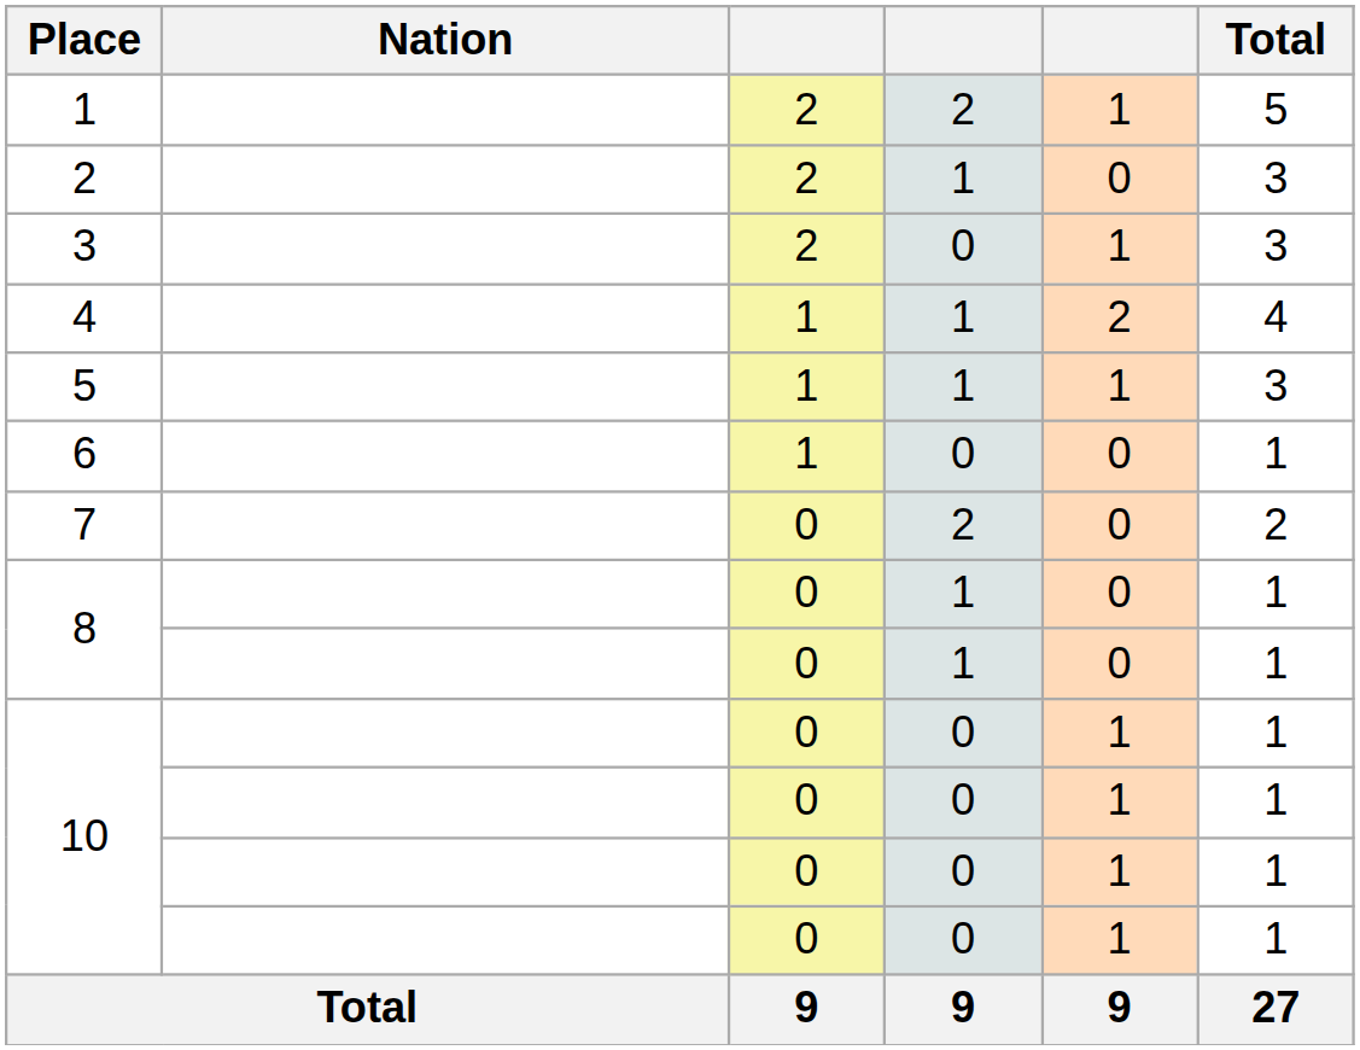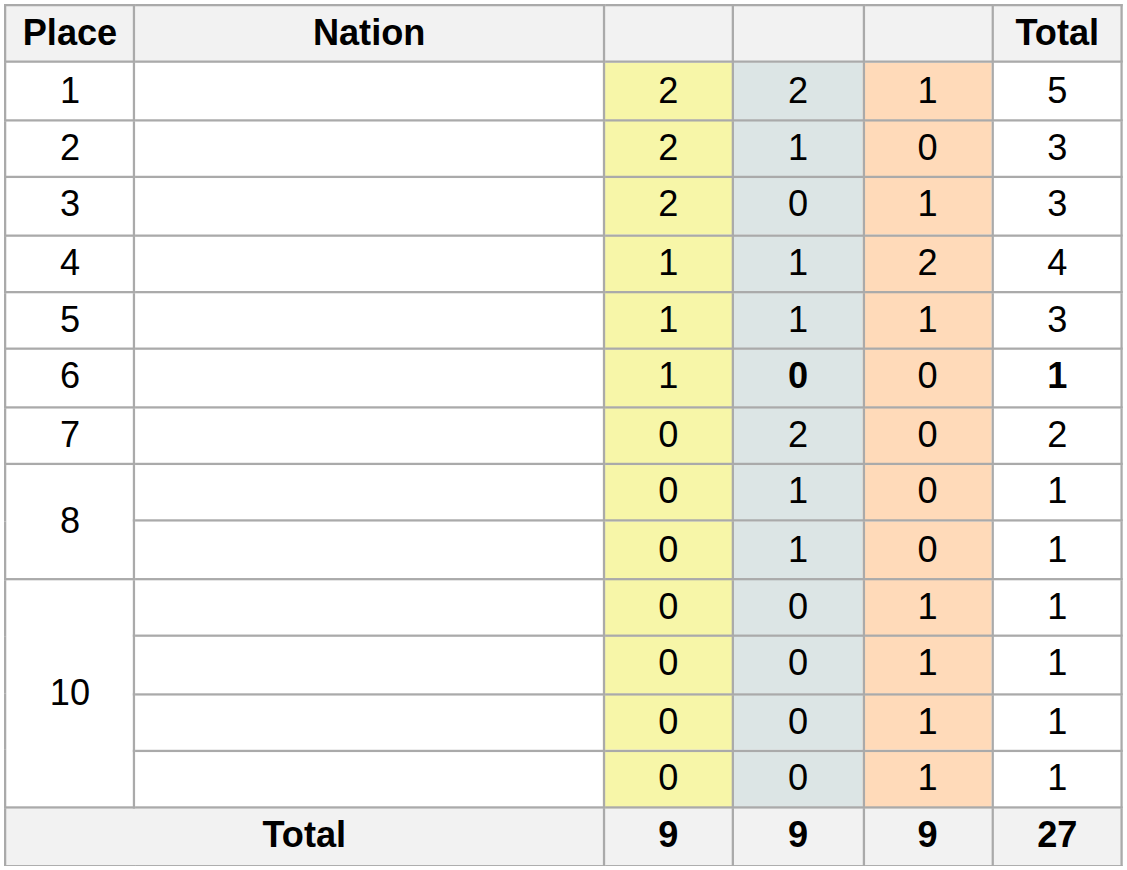 <table class="wikitable" style="border:1px solid #AAAAAA">
 <tr bgcolor="#EFEFEF">
 <th width=50>Place</th>
 <th width=200>Nation</th>
 <th width=50></th>
 <th width=50></th>
 <th width=50></th>
 <th width=50>Total</th>
 </tr>
 <tr align=center bgcolor="#FFFFFF">
 <td>1</td>
 <td align="left"></td>
 <td style="background:#F7F6A8;">2</td>
 <td style="background:#DCE5E5;">2</td>
 <td style="background:#FFDAB9;">1</td>
 <td>5</td>
 </tr>
 <tr align=center bgcolor="#FFFFFF">
 <td>2</td>
 <td align="left"></td>
 <td style="background:#F7F6A8;">2</td>
 <td style="background:#DCE5E5;">1</td>
 <td style="background:#FFDAB9;">0</td>
 <td>3</td>
 </tr>
 <tr align=center bgcolor="#FFFFFF">
 <td>3</td>
 <td align="left"></td>
 <td style="background:#F7F6A8;">2</td>
 <td style="background:#DCE5E5;">0</td>
 <td style="background:#FFDAB9;">1</td>
 <td>3</td>
 </tr>
 <tr align=center bgcolor="#FFFFFF">
 <td>4</td>
 <td align="left"></td>
 <td style="background:#F7F6A8;">1</td>
 <td style="background:#DCE5E5;">1</td>
 <td style="background:#FFDAB9;">2</td>
 <td>4</td>
 </tr>
 <tr align=center bgcolor="#FFFFFF">
 <td>5</td>
 <td align="left"></td>
 <td style="background:#F7F6A8;">1</td>
 <td style="background:#DCE5E5;">1</td>
 <td style="background:#FFDAB9;">1</td>
 <td>3</td>
 </tr>
 <tr align=center bgcolor="#FFFFFF">
 <td>6</td>
 <td align="left"></td>
 <td style="background:#F7F6A8;">1</td>
-<td style="background:#DCE5E5;">0</td>
+<td style="background:#DCE5E5;"><strong>0</strong></td>
 <td style="background:#FFDAB9;">0</td>
-<td>1</td>
+<td><strong>1</strong></td>
 </tr>
 <tr align=center bgcolor="#FFFFFF">
 <td>7</td>
 <td align="left"></td>
 <td style="background:#F7F6A8;">0</td>
 <td style="background:#DCE5E5;">2</td>
 <td style="background:#FFDAB9;">0</td>
 <td>2</td>
 </tr>
 <tr align=center bgcolor="#FFFFFF">
 <td rowspan=2>8</td>
 <td align="left"></td>
 <td style="background:#F7F6A8;">0</td>
 <td style="background:#DCE5E5;">1</td>
 <td style="background:#FFDAB9;">0</td>
 <td>1</td>
 </tr>
 <tr align=center bgcolor="#FFFFFF">
 <td align="left"></td>
 <td style="background:#F7F6A8;">0</td>
 <td style="background:#DCE5E5;">1</td>
 <td style="background:#FFDAB9;">0</td>
 <td>1</td>
 </tr>
 <tr align=center bgcolor="#FFFFFF">
 <td rowspan=4>10</td>
 <td align="left"></td>
 <td style="background:#F7F6A8;">0</td>
 <td style="background:#DCE5E5;">0</td>
 <td style="background:#FFDAB9;">1</td>
 <td>1</td>
 </tr>
 <tr align=center bgcolor="#FFFFFF">
 <td align="left"></td>
 <td style="background:#F7F6A8;">0</td>
 <td style="background:#DCE5E5;">0</td>
 <td style="background:#FFDAB9;">1</td>
 <td>1</td>
 </tr>
 <tr align=center bgcolor="#FFFFFF">
 <td align="left"></td>
 <td style="background:#F7F6A8;">0</td>
 <td style="background:#DCE5E5;">0</td>
 <td style="background:#FFDAB9;">1</td>
 <td>1</td>
 </tr>
 <tr align=center bgcolor="#FFFFFF">
 <td align="left"></td>
 <td style="background:#F7F6A8;">0</td>
 <td style="background:#DCE5E5;">0</td>
 <td style="background:#FFDAB9;">1</td>
 <td>1</td>
 </tr>
 <tr bgcolor="#EFEFEF">
 <th colspan=2>Total</th>
 <th>9</th>
 <th>9</th>
 <th>9</th>
 <th>27</th>
 </tr>
 </table>
